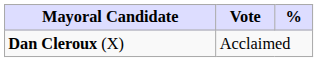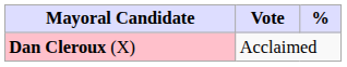 <table class="wikitable">
 <tr>
 <th style="background:#ddf; width:200px;">Mayoral Candidate</th>
 <th style="background:#ddf; width:50px;">Vote</th>
 <th style="background:#ddf; width:30px;">%</th>
 </tr>
 <tr>
-<td><strong>Dan Cleroux</strong> (X)</td>
+<td style="background: pink;"><strong>Dan Cleroux</strong> (X)</td>
 <td colspan="2">Acclaimed</td>
 </tr>
 </table>
